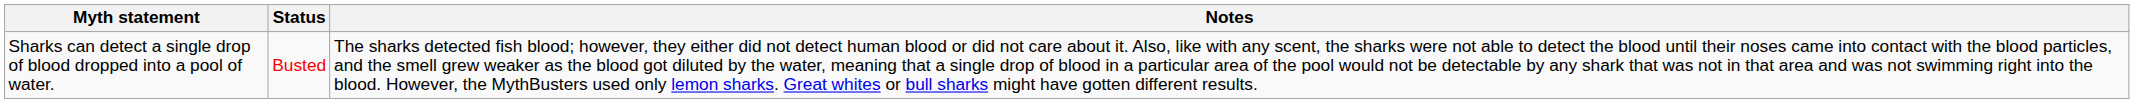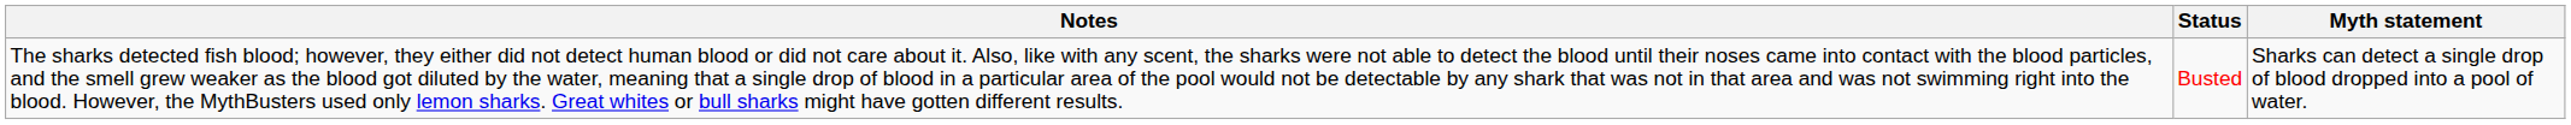 <table class="wikitable">
 <tr>
+<th>Notes</th>
+<th>Status</th>
 <th>Myth statement</th>
-<th>Status</th>
-<th>Notes</th>
 </tr>
 <tr>
+<td>The sharks detected fish blood; however, they either did not detect human blood or did not care about it. Also, like with any scent, the sharks were not able to detect the blood until their noses came into contact with the blood particles, and the smell grew weaker as the blood got diluted by the water, meaning that a single drop of blood in a particular area of the pool would not be detectable by any shark that was not in that area and was not swimming right into the blood. However, the MythBusters used only <a href='#'>lemon sharks</a>. <a href='#'>Great whites</a> or <a href='#'>bull sharks</a> might have gotten different results.</td>
+<td style="color:red">Busted</td>
 <td>Sharks can detect a single drop of blood dropped into a pool of water.</td>
-<td style="color:red">Busted</td>
-<td>The sharks detected fish blood; however, they either did not detect human blood or did not care about it. Also, like with any scent, the sharks were not able to detect the blood until their noses came into contact with the blood particles, and the smell grew weaker as the blood got diluted by the water, meaning that a single drop of blood in a particular area of the pool would not be detectable by any shark that was not in that area and was not swimming right into the blood. However, the MythBusters used only <a href='#'>lemon sharks</a>. <a href='#'>Great whites</a> or <a href='#'>bull sharks</a> might have gotten different results.</td>
 </tr>
 </table>
